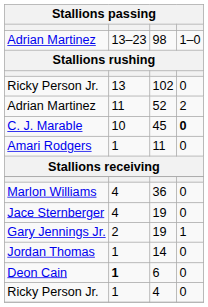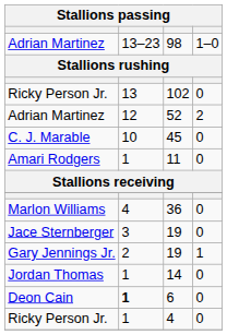 <table class="wikitable plainrowheaders">
 <tr>
 <th colspan="6">Stallions passing</th>
 </tr>
 <tr>
 <th scope="col"></th>
 <th scope="col"></th>
 <th scope="col"></th>
 <th scope="col"></th>
 </tr>
 <tr>
 <td><a href='#'>Adrian Martinez</a></td>
 <td>13–23</td>
 <td>98</td>
 <td>1–0</td>
 </tr>
 <tr>
 <th colspan="6">Stallions rushing</th>
 </tr>
 <tr>
 <th scope="col"></th>
 <th scope="col"></th>
 <th scope="col"></th>
 <th scope="col"></th>
 </tr>
 <tr>
 <td>Ricky Person Jr.</td>
 <td>13</td>
 <td>102</td>
 <td>0</td>
 </tr>
 <tr>
 <td>Adrian Martinez</td>
-<td>11</td>
+<td>12</td>
 <td>52</td>
 <td>2</td>
 </tr>
 <tr>
 <td><a href='#'>C. J. Marable</a></td>
 <td>10</td>
 <td>45</td>
-<td><strong>0</strong></td>
+<td>0</td>
 </tr>
 <tr>
 <td><a href='#'>Amari Rodgers</a></td>
 <td>1</td>
 <td>11</td>
 <td>0</td>
 </tr>
 <tr>
 <th colspan="6">Stallions receiving</th>
 </tr>
 <tr>
 </tr>
 <tr>
 <th scope="col"></th>
 <th scope="col"></th>
 <th scope="col"></th>
 <th scope="col"></th>
 </tr>
 <tr>
 <td><a href='#'>Marlon Williams</a></td>
 <td>4</td>
 <td>36</td>
 <td>0</td>
 </tr>
 <tr>
 <td><a href='#'>Jace Sternberger</a></td>
-<td>4</td>
+<td>3</td>
 <td>19</td>
 <td>0</td>
 </tr>
 <tr>
 <td><a href='#'>Gary Jennings Jr.</a></td>
 <td>2</td>
 <td>19</td>
 <td>1</td>
 </tr>
 <tr>
 <td><a href='#'>Jordan Thomas</a></td>
 <td>1</td>
 <td>14</td>
 <td>0</td>
 </tr>
 <tr>
 <td><a href='#'>Deon Cain</a></td>
 <td><strong>1</strong></td>
 <td>6</td>
 <td>0</td>
 </tr>
 <tr>
 <td>Ricky Person Jr.</td>
 <td>1</td>
 <td>4</td>
 <td>0</td>
 </tr>
 <tr>
 </tr>
 </table>
